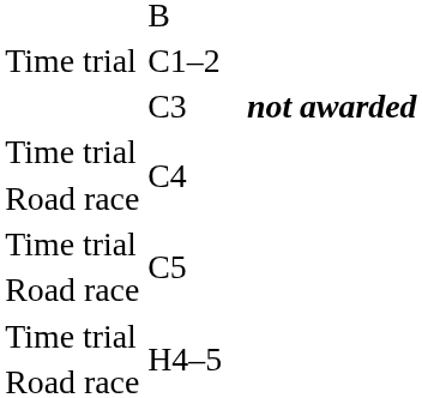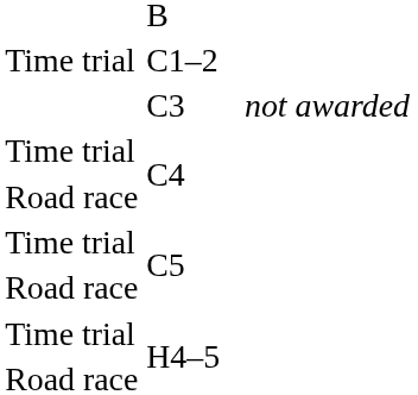 <table>
 <tr>
 <td rowspan=3>Time trial</td>
 <td>B</td>
 <td></td>
 <td></td>
 <td></td>
 </tr>
 <tr>
 <td>C1–2</td>
 <td></td>
 <td></td>
 <td></td>
 </tr>
 <tr>
 <td>C3</td>
 <td></td>
 <td></td>
-<td><strong><em>not awarded</em></strong></td>
+<td><em>not awarded</em></td>
 </tr>
 <tr>
 <td>Time trial</td>
 <td rowspan=2>C4</td>
 <td></td>
 <td></td>
 <td></td>
 </tr>
 <tr>
 <td>Road race</td>
 <td></td>
 <td></td>
 <td></td>
 </tr>
 <tr>
 <td>Time trial</td>
 <td rowspan=2>C5</td>
 <td></td>
 <td></td>
 <td></td>
 </tr>
 <tr>
 <td>Road race</td>
 <td></td>
 <td></td>
 <td></td>
 </tr>
 <tr>
 <td>Time trial</td>
 <td rowspan=2>H4–5</td>
 <td></td>
 <td></td>
 <td></td>
 </tr>
 <tr>
 <td>Road race</td>
 <td></td>
 <td></td>
 <td></td>
 </tr>
 </table>
